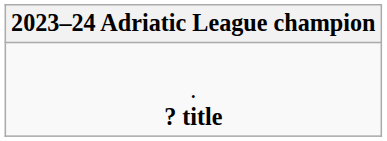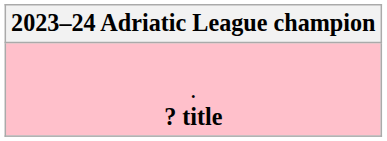 <table class=wikitable style="text-align:center; margin:auto">
 <tr>
 <th>2023–24 Adriatic League champion</th>
 </tr>
 <tr>
-<td><br>.<br><strong>? title</strong></td>
+<td style="background: pink;"><br>.<br><strong>? title</strong></td>
 </tr>
 </table>
